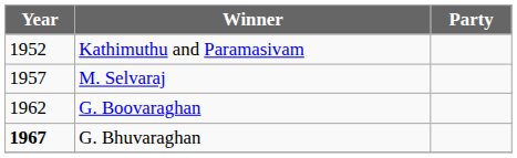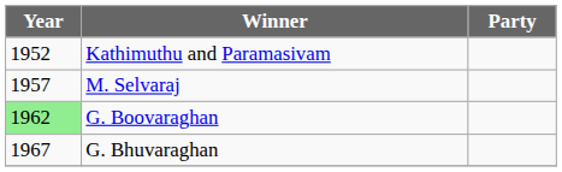 <table class="wikitable" width="70%">
 <tr>
 <th style="background-color:#666666; color:white">Year</th>
 <th style="background-color:#666666; color:white">Winner</th>
 <th style="background-color:#666666; color:white" colspan="2">Party</th>
 </tr>
 <tr>
 <td>1952</td>
 <td><a href='#'>Kathimuthu</a> and <a href='#'>Paramasivam</a></td>
 <td></td>
 </tr>
 <tr>
 <td>1957</td>
 <td><a href='#'>M. Selvaraj</a></td>
 <td></td>
 </tr>
 <tr>
-<td>1962</td>
+<td style="background: lightgreen;">1962</td>
 <td><a href='#'>G. Boovaraghan</a></td>
 <td></td>
 </tr>
 <tr>
-<td><strong>1967</strong></td>
+<td>1967</td>
 <td>G. Bhuvaraghan</td>
 <td></td>
 </tr>
 <tr>
 </tr>
 </table>
